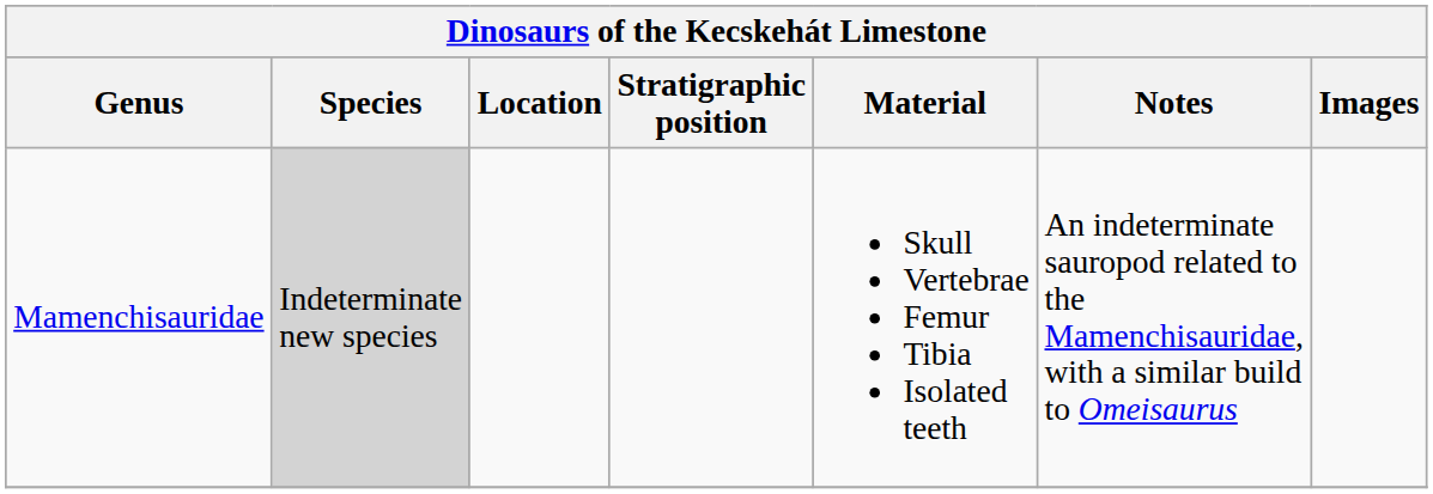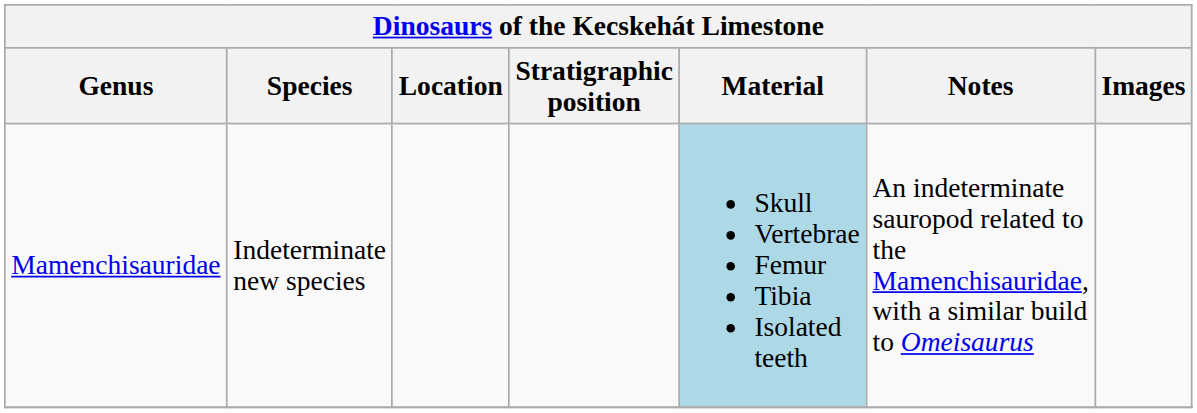 <table class="wikitable" align="center">
 <tr>
 <th colspan="7" align="center"><strong><a href='#'>Dinosaurs</a> of the Kecskehát Limestone</strong></th>
 </tr>
 <tr>
 <th>Genus</th>
 <th>Species</th>
 <th>Location</th>
 <th>Stratigraphic position</th>
 <th>Material</th>
 <th>Notes</th>
 <th>Images</th>
 </tr>
 <tr>
 <td><a href='#'>Mamenchisauridae</a></td>
-<td style="background: lightgrey;">Indeterminate new species</td>
+<td>Indeterminate new species</td>
 <td></td>
 <td></td>
-<td><br><ul><li>Skull</li><li>Vertebrae</li><li>Femur</li><li>Tibia</li><li>Isolated teeth</li></ul></td>
+<td style="background: lightblue;"><br><ul><li>Skull</li><li>Vertebrae</li><li>Femur</li><li>Tibia</li><li>Isolated teeth</li></ul></td>
 <td>An indeterminate sauropod related to the <a href='#'>Mamenchisauridae</a>, with a similar build to <em><a href='#'>Omeisaurus</a></em></td>
 <td></td>
 </tr>
 <tr>
 </tr>
 </table>
